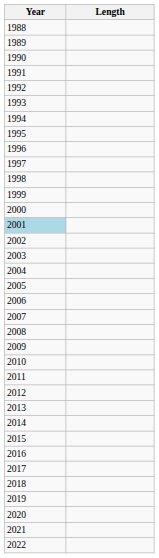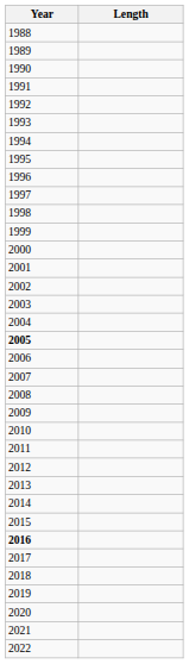 <table class="wikitable collapsible collapsed" style="width:250px; margin:2em auto 2em auto; float:right;">
 <tr>
 <th scope="col">Year</th>
 <th scope="col">Length</th>
 </tr>
 <tr>
 <td>1988</td>
 <td></td>
 </tr>
 <tr>
 <td>1989</td>
 <td></td>
 </tr>
 <tr>
 <td>1990</td>
 <td></td>
 </tr>
 <tr>
 <td>1991</td>
 <td></td>
 </tr>
 <tr>
 <td>1992</td>
 <td></td>
 </tr>
 <tr>
 <td>1993</td>
 <td></td>
 </tr>
 <tr>
 <td>1994</td>
 <td></td>
 </tr>
 <tr>
 <td>1995</td>
 <td></td>
 </tr>
 <tr>
 <td>1996</td>
 <td></td>
 </tr>
 <tr>
 <td>1997</td>
 <td></td>
 </tr>
 <tr>
 <td>1998</td>
 <td></td>
 </tr>
 <tr>
 <td>1999</td>
 <td></td>
 </tr>
 <tr>
 <td>2000</td>
 <td></td>
 </tr>
 <tr>
-<td style="background: lightblue;">2001</td>
+<td>2001</td>
 <td></td>
 </tr>
 <tr>
 <td>2002</td>
 <td></td>
 </tr>
 <tr>
 <td>2003</td>
 <td></td>
 </tr>
 <tr>
 <td>2004</td>
 <td></td>
 </tr>
 <tr>
-<td>2005</td>
+<td><strong>2005</strong></td>
 <td></td>
 </tr>
 <tr>
 <td>2006</td>
 <td></td>
 </tr>
 <tr>
 <td>2007</td>
 <td></td>
 </tr>
 <tr>
 <td>2008</td>
 <td></td>
 </tr>
 <tr>
 <td>2009</td>
 <td></td>
 </tr>
 <tr>
 <td>2010</td>
 <td></td>
 </tr>
 <tr>
 <td>2011</td>
 <td></td>
 </tr>
 <tr>
 <td>2012</td>
 <td></td>
 </tr>
 <tr>
 <td>2013</td>
 <td></td>
 </tr>
 <tr>
 <td>2014</td>
 <td></td>
 </tr>
 <tr>
 <td>2015</td>
 <td></td>
 </tr>
 <tr>
-<td>2016</td>
+<td><strong>2016</strong></td>
 <td></td>
 </tr>
 <tr>
 <td>2017</td>
 <td></td>
 </tr>
 <tr>
 <td>2018</td>
 <td></td>
 </tr>
 <tr>
 <td>2019</td>
 <td></td>
 </tr>
 <tr>
 <td>2020</td>
 <td></td>
 </tr>
 <tr>
 <td>2021</td>
 <td></td>
 </tr>
 <tr>
 <td>2022</td>
 <td></td>
 </tr>
 </table>
